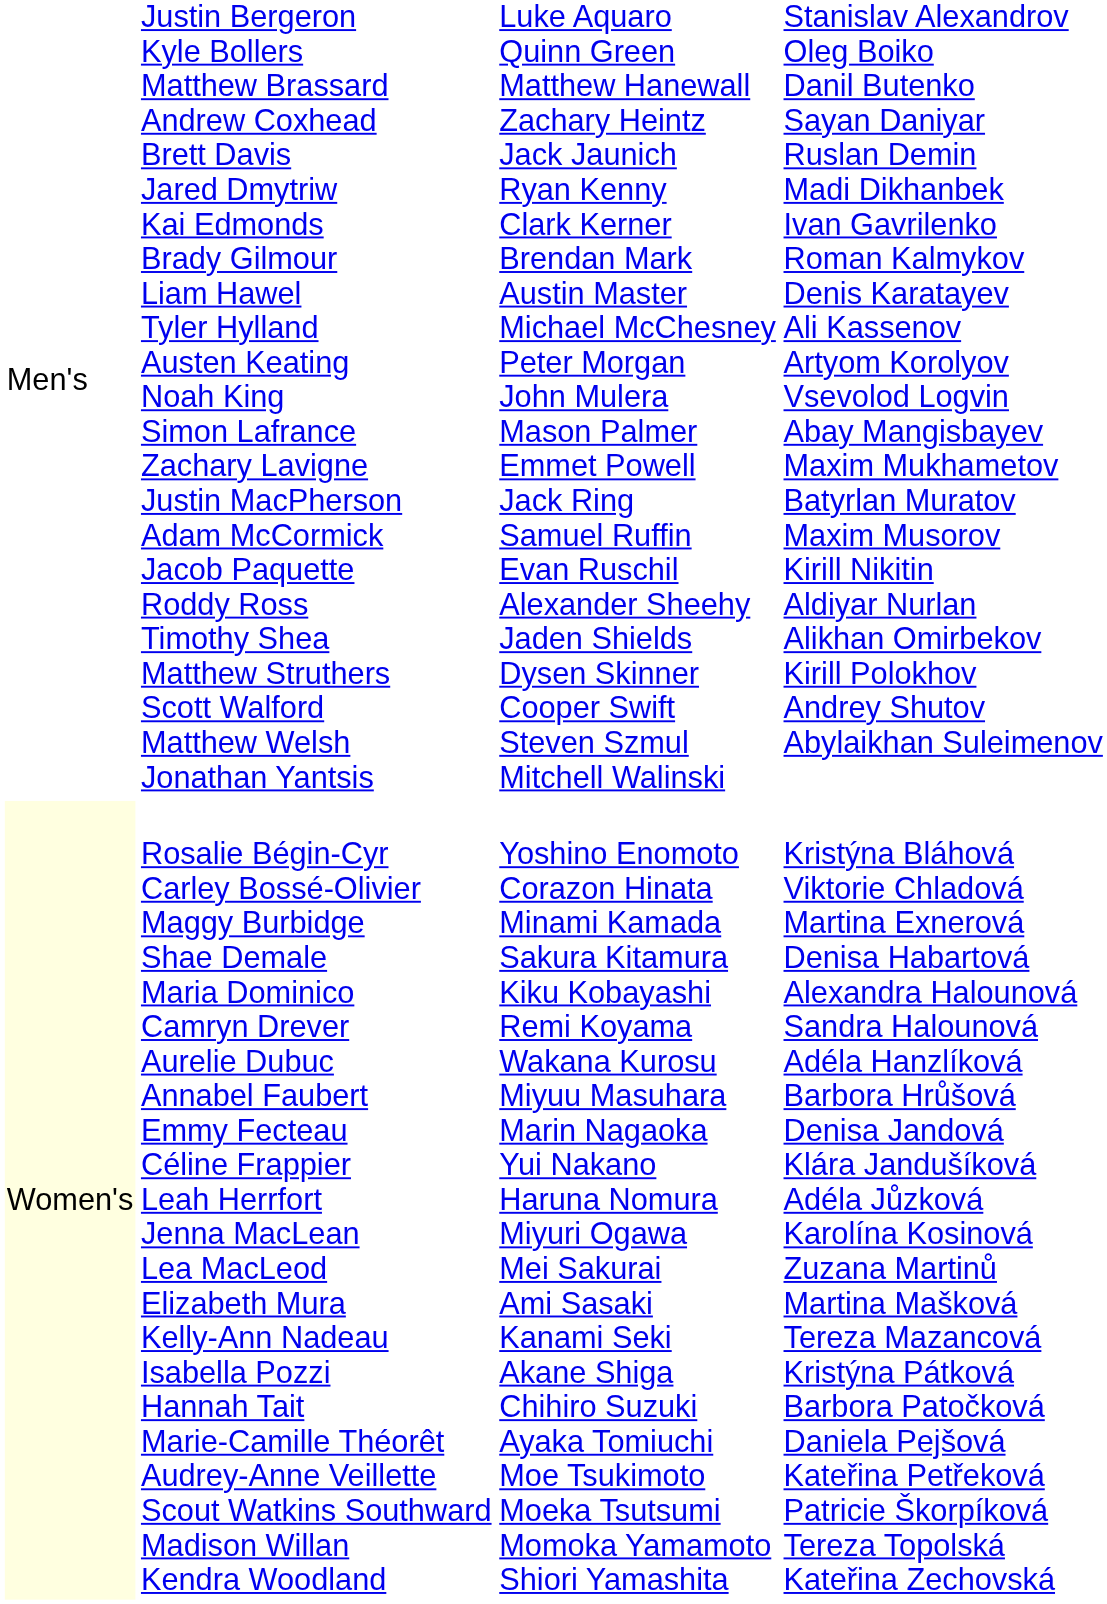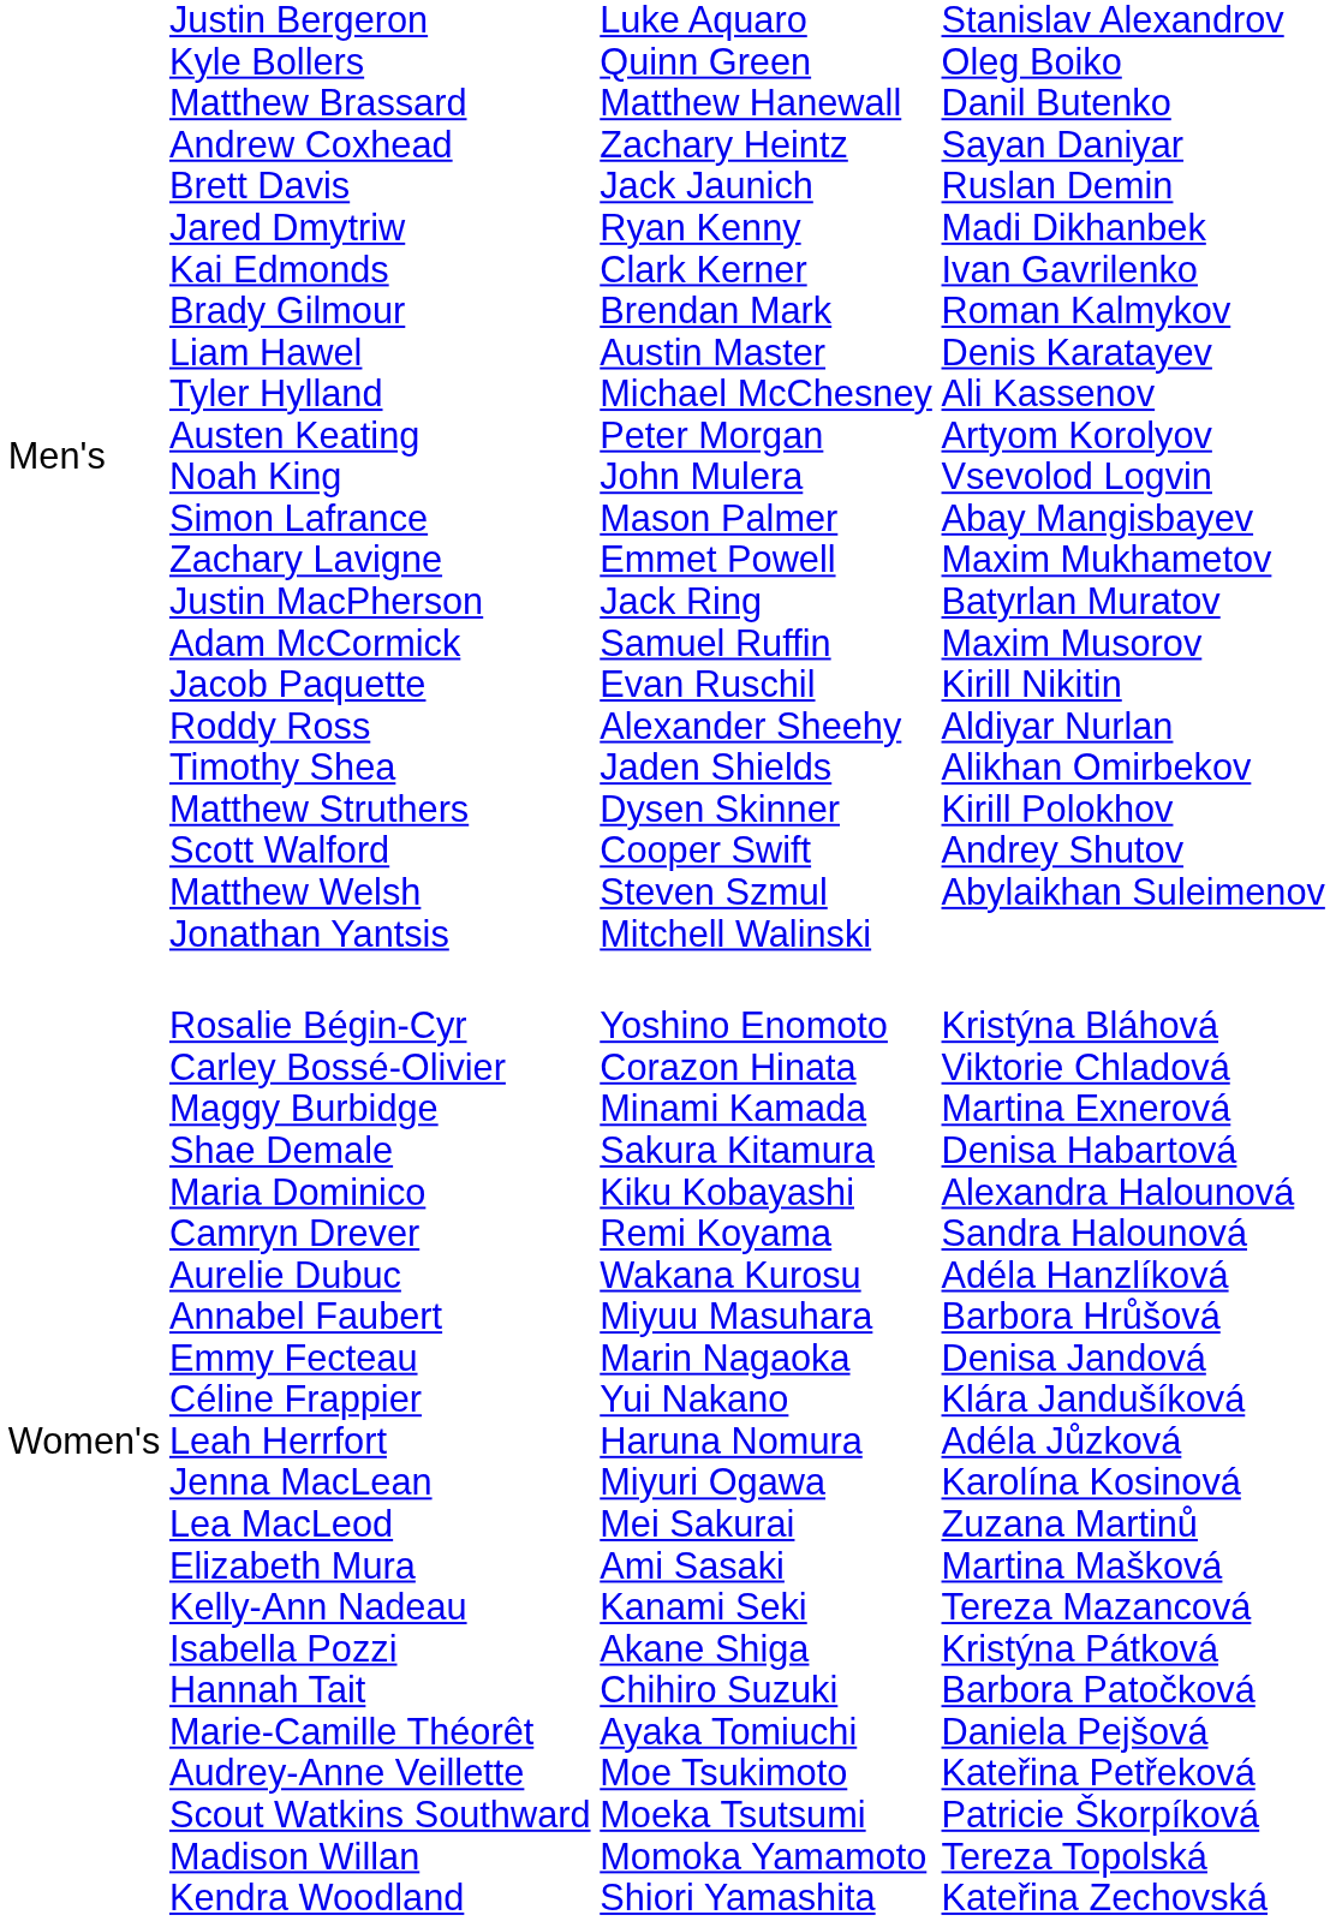 <table>
 <tr>
 <td>Men's</td>
 <td valign=top><br><a href='#'>Justin Bergeron</a><br><a href='#'>Kyle Bollers</a><br><a href='#'>Matthew Brassard</a><br><a href='#'>Andrew Coxhead</a><br><a href='#'>Brett Davis</a><br><a href='#'>Jared Dmytriw</a><br><a href='#'>Kai Edmonds</a><br><a href='#'>Brady Gilmour</a><br><a href='#'>Liam Hawel</a><br><a href='#'>Tyler Hylland</a><br><a href='#'>Austen Keating</a><br><a href='#'>Noah King</a><br><a href='#'>Simon Lafrance</a><br><a href='#'>Zachary Lavigne</a><br><a href='#'>Justin MacPherson</a><br><a href='#'>Adam McCormick</a><br><a href='#'>Jacob Paquette</a><br><a href='#'>Roddy Ross</a><br><a href='#'>Timothy Shea</a><br><a href='#'>Matthew Struthers</a><br><a href='#'>Scott Walford</a><br><a href='#'>Matthew Welsh</a><br><a href='#'>Jonathan Yantsis</a></td>
 <td valign=top><br><a href='#'>Luke Aquaro</a><br><a href='#'>Quinn Green</a><br><a href='#'>Matthew Hanewall</a><br><a href='#'>Zachary Heintz</a><br><a href='#'>Jack Jaunich</a><br><a href='#'>Ryan Kenny</a><br><a href='#'>Clark Kerner</a><br><a href='#'>Brendan Mark</a><br><a href='#'>Austin Master</a><br><a href='#'>Michael McChesney</a><br><a href='#'>Peter Morgan</a><br><a href='#'>John Mulera</a><br><a href='#'>Mason Palmer</a><br><a href='#'>Emmet Powell</a><br><a href='#'>Jack Ring</a><br><a href='#'>Samuel Ruffin</a><br><a href='#'>Evan Ruschil</a><br><a href='#'>Alexander Sheehy</a><br><a href='#'>Jaden Shields</a><br><a href='#'>Dysen Skinner</a><br><a href='#'>Cooper Swift</a><br><a href='#'>Steven Szmul</a><br><a href='#'>Mitchell Walinski</a></td>
 <td valign=top><br><a href='#'>Stanislav  Alexandrov</a><br><a href='#'>Oleg Boiko</a><br><a href='#'>Danil Butenko</a><br><a href='#'>Sayan Daniyar</a><br><a href='#'>Ruslan Demin</a><br><a href='#'>Madi Dikhanbek</a><br><a href='#'>Ivan Gavrilenko</a><br><a href='#'>Roman Kalmykov</a><br><a href='#'>Denis Karatayev</a><br><a href='#'>Ali Kassenov</a><br><a href='#'>Artyom Korolyov</a><br><a href='#'>Vsevolod Logvin</a><br><a href='#'>Abay Mangisbayev</a><br><a href='#'>Maxim Mukhametov</a><br><a href='#'>Batyrlan Muratov</a><br><a href='#'>Maxim Musorov</a><br><a href='#'>Kirill Nikitin</a><br><a href='#'>Aldiyar Nurlan</a><br><a href='#'>Alikhan Omirbekov</a><br><a href='#'>Kirill Polokhov</a><br><a href='#'>Andrey Shutov</a><br><a href='#'>Abylaikhan Suleimenov</a></td>
 </tr>
 <tr>
-<td style="background: lightyellow;">Women's</td>
+<td>Women's</td>
 <td><br><a href='#'>Rosalie Bégin-Cyr</a><br><a href='#'>Carley Bossé-Olivier</a><br><a href='#'>Maggy Burbidge</a><br><a href='#'>Shae Demale</a><br><a href='#'>Maria Dominico</a><br><a href='#'>Camryn Drever</a><br><a href='#'>Aurelie Dubuc</a><br><a href='#'>Annabel Faubert</a><br><a href='#'>Emmy Fecteau</a><br><a href='#'>Céline Frappier</a><br><a href='#'>Leah Herrfort</a><br><a href='#'>Jenna MacLean</a><br><a href='#'>Lea MacLeod</a><br><a href='#'>Elizabeth Mura</a><br><a href='#'>Kelly-Ann Nadeau</a><br><a href='#'>Isabella Pozzi</a><br><a href='#'>Hannah Tait</a><br><a href='#'>Marie-Camille Théorêt</a><br><a href='#'>Audrey-Anne Veillette</a><br><a href='#'>Scout Watkins Southward</a><br><a href='#'>Madison Willan</a><br><a href='#'>Kendra Woodland</a></td>
 <td><br><a href='#'>Yoshino Enomoto</a><br><a href='#'>Corazon Hinata</a><br><a href='#'>Minami Kamada</a><br><a href='#'>Sakura Kitamura</a><br><a href='#'>Kiku Kobayashi</a><br><a href='#'>Remi Koyama</a><br><a href='#'>Wakana Kurosu</a><br><a href='#'>Miyuu Masuhara</a><br><a href='#'>Marin Nagaoka</a><br><a href='#'>Yui Nakano</a><br><a href='#'>Haruna Nomura</a><br><a href='#'>Miyuri Ogawa</a><br><a href='#'>Mei Sakurai</a><br><a href='#'>Ami Sasaki</a><br><a href='#'>Kanami Seki</a><br><a href='#'>Akane Shiga</a><br><a href='#'>Chihiro Suzuki</a><br><a href='#'>Ayaka Tomiuchi</a><br><a href='#'>Moe Tsukimoto</a><br><a href='#'>Moeka Tsutsumi</a><br><a href='#'>Momoka Yamamoto</a><br><a href='#'>Shiori Yamashita</a></td>
 <td><br><a href='#'>Kristýna Bláhová</a><br><a href='#'>Viktorie Chladová</a><br><a href='#'>Martina Exnerová</a><br><a href='#'>Denisa Habartová</a><br><a href='#'>Alexandra Halounová</a><br><a href='#'>Sandra Halounová</a><br><a href='#'>Adéla Hanzlíková</a><br><a href='#'>Barbora Hrůšová</a><br><a href='#'>Denisa Jandová</a><br><a href='#'>Klára Jandušíková</a><br><a href='#'>Adéla Jůzková</a><br><a href='#'>Karolína Kosinová</a><br><a href='#'>Zuzana Martinů</a><br><a href='#'>Martina Mašková</a><br><a href='#'>Tereza Mazancová</a><br><a href='#'>Kristýna Pátková</a><br><a href='#'>Barbora Patočková</a><br><a href='#'>Daniela Pejšová</a><br><a href='#'>Kateřina Petřeková</a><br><a href='#'>Patricie Škorpíková</a><br><a href='#'>Tereza Topolská</a><br><a href='#'>Kateřina Zechovská</a></td>
 </tr>
 </table>
